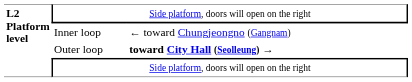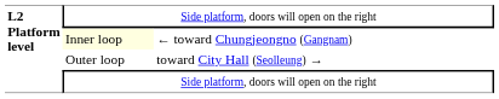 <table table border=0 cellspacing=0 cellpadding=3>
 <tr>
 <td style="border-top:solid 1px gray;border-bottom:solid 1px gray;" width=50 rowspan=10 valign=top><strong>L2<br>Platform level</strong></td>
 <td style="border-top:solid 1px gray;border-right:solid 2px black;border-left:solid 2px black;border-bottom:solid 2px black;text-align:center;" colspan=2><small><a href='#'>Side platform</a>, doors will open on the right </small></td>
 </tr>
 <tr>
-<td style="border-bottom:solid 0px gray;border-top:solid 1px gray;" width=100>Inner loop</td>
+<td style="background: lightyellow; border-bottom:solid 0px gray;border-top:solid 1px gray;" width=100>Inner loop</td>
 <td style="border-bottom:solid 0px gray;border-top:solid 1px gray;" width=390>←  toward <a href='#'>Chungjeongno</a> <small>(<a href='#'>Gangnam</a>)</small></td>
 </tr>
 <tr>
 <td>Outer loop</td>
-<td><strong>  toward <a href='#'>City Hall</a> <small>(<a href='#'>Seolleung</a>)</small> →</strong></td>
+<td>  toward <a href='#'>City Hall</a> <small>(<a href='#'>Seolleung</a>)</small> →</td>
 </tr>
 <tr>
 <td style="border-top:solid 2px black;border-right:solid 2px black;border-left:solid 2px black;border-bottom:solid 1px gray;text-align:center;" colspan=2><small><a href='#'>Side platform</a>, doors will open on the right </small></td>
 </tr>
 </table>
